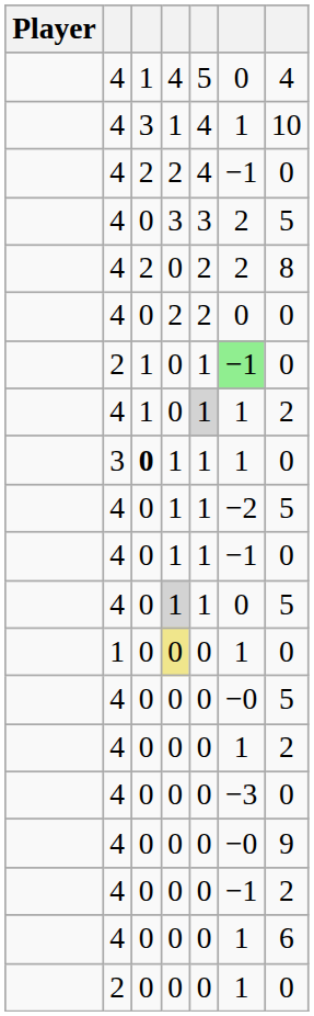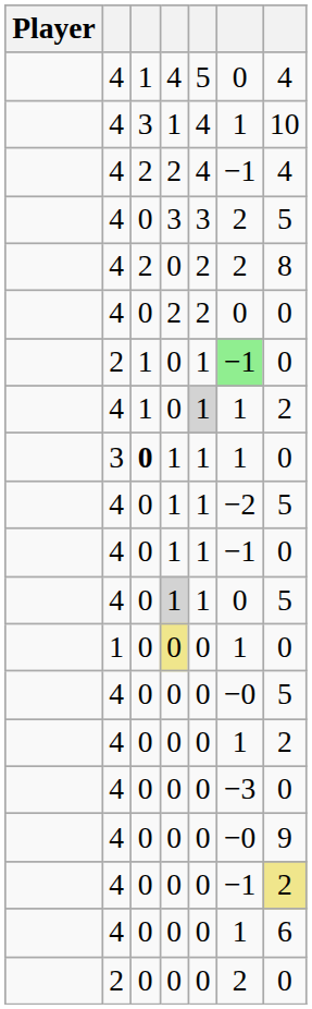 <table class="wikitable sortable" style="text-align:center;">
 <tr>
 <th>Player</th>
 <th></th>
 <th></th>
 <th></th>
 <th></th>
 <th data-sort-type="number"></th>
 <th></th>
 </tr>
 <tr>
 <td></td>
 <td>4</td>
 <td>1</td>
 <td>4</td>
 <td>5</td>
 <td>0</td>
 <td>4</td>
 </tr>
 <tr>
 <td></td>
 <td>4</td>
 <td>3</td>
 <td>1</td>
 <td>4</td>
 <td>1</td>
 <td>10</td>
 </tr>
 <tr>
 <td></td>
 <td>4</td>
 <td>2</td>
 <td>2</td>
 <td>4</td>
 <td>−1</td>
-<td>0</td>
+<td>4</td>
 </tr>
 <tr>
 <td></td>
 <td>4</td>
 <td>0</td>
 <td>3</td>
 <td>3</td>
 <td>2</td>
 <td>5</td>
 </tr>
 <tr>
 <td></td>
 <td>4</td>
 <td>2</td>
 <td>0</td>
 <td>2</td>
 <td>2</td>
 <td>8</td>
 </tr>
 <tr>
 <td></td>
 <td>4</td>
 <td>0</td>
 <td>2</td>
 <td>2</td>
 <td>0</td>
 <td>0</td>
 </tr>
 <tr>
 <td></td>
 <td>2</td>
 <td>1</td>
 <td>0</td>
 <td>1</td>
 <td style="background: lightgreen;">−1</td>
 <td>0</td>
 </tr>
 <tr>
 <td></td>
 <td>4</td>
 <td>1</td>
 <td>0</td>
 <td style="background: lightgrey;">1</td>
 <td>1</td>
 <td>2</td>
 </tr>
 <tr>
 <td></td>
 <td>3</td>
 <td><strong>0</strong></td>
 <td>1</td>
 <td>1</td>
 <td>1</td>
 <td>0</td>
 </tr>
 <tr>
 <td></td>
 <td>4</td>
 <td>0</td>
 <td>1</td>
 <td>1</td>
 <td>−2</td>
 <td>5</td>
 </tr>
 <tr>
 <td></td>
 <td>4</td>
 <td>0</td>
 <td>1</td>
 <td>1</td>
 <td>−1</td>
 <td>0</td>
 </tr>
 <tr>
 <td></td>
 <td>4</td>
 <td>0</td>
 <td style="background: lightgrey;">1</td>
 <td>1</td>
 <td>0</td>
 <td>5</td>
 </tr>
 <tr>
 <td></td>
 <td>1</td>
 <td>0</td>
 <td style="background: khaki;">0</td>
 <td>0</td>
 <td>1</td>
 <td>0</td>
 </tr>
 <tr>
 <td></td>
 <td>4</td>
 <td>0</td>
 <td>0</td>
 <td>0</td>
 <td>−0</td>
 <td>5</td>
 </tr>
 <tr>
 <td></td>
 <td>4</td>
 <td>0</td>
 <td>0</td>
 <td>0</td>
 <td>1</td>
 <td>2</td>
 </tr>
 <tr>
 <td></td>
 <td>4</td>
 <td>0</td>
 <td>0</td>
 <td>0</td>
 <td>−3</td>
 <td>0</td>
 </tr>
 <tr>
 <td></td>
 <td>4</td>
 <td>0</td>
 <td>0</td>
 <td>0</td>
 <td>−0</td>
 <td>9</td>
 </tr>
 <tr>
 <td></td>
 <td>4</td>
 <td>0</td>
 <td>0</td>
 <td>0</td>
 <td>−1</td>
-<td>2</td>
+<td style="background: khaki;">2</td>
 </tr>
 <tr>
 <td></td>
 <td>4</td>
 <td>0</td>
 <td>0</td>
 <td>0</td>
 <td>1</td>
 <td>6</td>
 </tr>
 <tr>
 <td></td>
 <td>2</td>
 <td>0</td>
 <td>0</td>
 <td>0</td>
-<td>1</td>
+<td>2</td>
 <td>0</td>
 </tr>
 </table>
